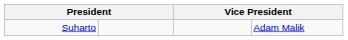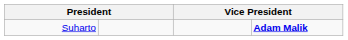 <table class="wikitable">
 <tr>
 <th colspan="2" width=270>President</th>
 <th colspan="2" width=270>Vice President</th>
 </tr>
 <tr>
 <td align="right"><a href='#'>Suharto</a></td>
 <td align="center" width=116></td>
 <td align="center" width=120></td>
-<td align="left"><a href='#'>Adam Malik</a></td>
+<td align="left"><strong><a href='#'>Adam Malik</a></strong></td>
 </tr>
 </table>
